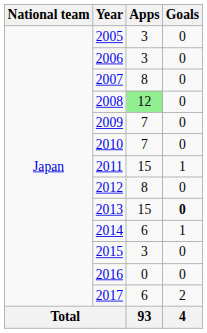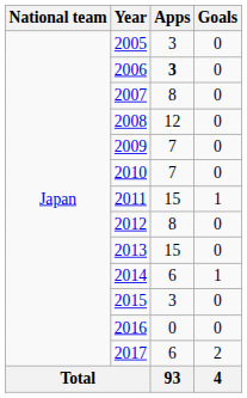 <table class="wikitable" style="text-align:center">
 <tr>
 <th>National team</th>
 <th>Year</th>
 <th>Apps</th>
 <th>Goals</th>
 </tr>
 <tr>
 <td rowspan="13"><a href='#'>Japan</a></td>
 <td><a href='#'>2005</a></td>
 <td>3</td>
 <td>0</td>
 </tr>
 <tr>
 <td><a href='#'>2006</a></td>
-<td>3</td>
+<td><strong>3</strong></td>
 <td>0</td>
 </tr>
 <tr>
 <td><a href='#'>2007</a></td>
 <td>8</td>
 <td>0</td>
 </tr>
 <tr>
 <td><a href='#'>2008</a></td>
-<td style="background: lightgreen;">12</td>
+<td>12</td>
 <td>0</td>
 </tr>
 <tr>
 <td><a href='#'>2009</a></td>
 <td>7</td>
 <td>0</td>
 </tr>
 <tr>
 <td><a href='#'>2010</a></td>
 <td>7</td>
 <td>0</td>
 </tr>
 <tr>
 <td><a href='#'>2011</a></td>
 <td>15</td>
 <td>1</td>
 </tr>
 <tr>
 <td><a href='#'>2012</a></td>
 <td>8</td>
 <td>0</td>
 </tr>
 <tr>
 <td><a href='#'>2013</a></td>
 <td>15</td>
-<td><strong>0</strong></td>
+<td>0</td>
 </tr>
 <tr>
 <td><a href='#'>2014</a></td>
 <td>6</td>
 <td>1</td>
 </tr>
 <tr>
 <td><a href='#'>2015</a></td>
 <td>3</td>
 <td>0</td>
 </tr>
 <tr>
 <td><a href='#'>2016</a></td>
 <td>0</td>
 <td>0</td>
 </tr>
 <tr>
 <td><a href='#'>2017</a></td>
 <td>6</td>
 <td>2</td>
 </tr>
 <tr>
 <th colspan="2">Total</th>
 <th>93</th>
 <th>4</th>
 </tr>
 </table>
